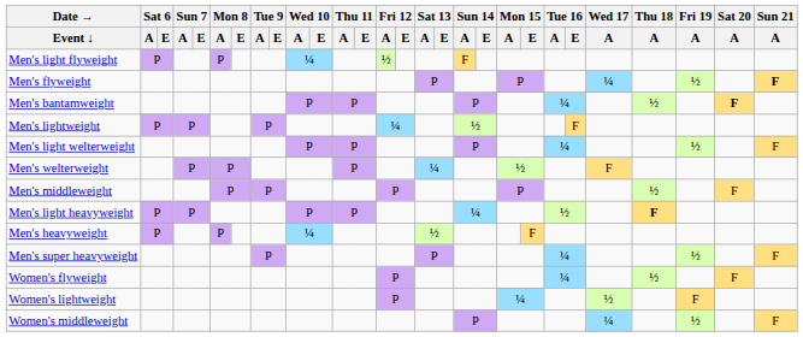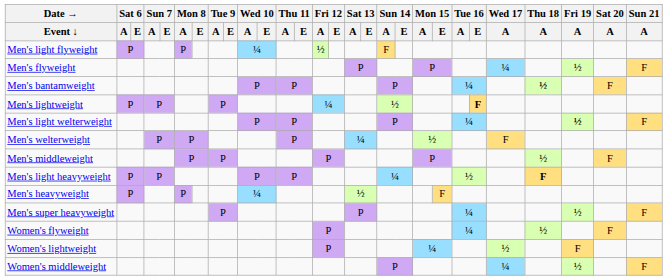 <table class="wikitable" style="margin:0.5em auto; font-size:90%; line-height:1.25em;text-align:center;">
 <tr>
 <th>Date →</th>
 <th colspan="2">Sat 6</th>
 <th colspan="2">Sun 7</th>
 <th colspan="2">Mon 8</th>
 <th colspan="2">Tue 9</th>
 <th colspan="2">Wed 10</th>
 <th colspan="2">Thu 11</th>
 <th colspan="2">Fri 12</th>
 <th colspan="2">Sat 13</th>
 <th colspan="2">Sun 14</th>
 <th colspan="2">Mon 15</th>
 <th colspan="2">Tue 16</th>
 <th>Wed 17</th>
 <th>Thu 18</th>
 <th>Fri 19</th>
 <th>Sat 20</th>
 <th>Sun 21</th>
 </tr>
 <tr>
 <th>Event   ↓</th>
 <th>A</th>
 <th>E</th>
 <th>A</th>
 <th>E</th>
 <th>A</th>
 <th>E</th>
 <th>A</th>
 <th>E</th>
 <th>A</th>
 <th>E</th>
 <th>A</th>
 <th>E</th>
 <th>A</th>
 <th>E</th>
 <th>A</th>
 <th>E</th>
 <th>A</th>
 <th>E</th>
 <th>A</th>
 <th>E</th>
 <th>A</th>
 <th>E</th>
 <th>A</th>
 <th>A</th>
 <th>A</th>
 <th>A</th>
 <th>A</th>
 </tr>
 <tr>
 <td style="text-align:left;"><a href='#'>Men's light flyweight</a></td>
 <td colspan="2" style="background-color:#D0A9F5">P</td>
 <td colspan="2"></td>
 <td style="background-color:#D0A9F5">P</td>
 <td></td>
 <td colspan="2"></td>
 <td colspan="2" style="background-color:#97DEFF;">¼</td>
 <td colspan="2"></td>
 <td style="background-color:#D9FFB2;">½</td>
 <td></td>
 <td colspan="2"></td>
 <td style="background-color:#FFDF80;">F</td>
 <td></td>
 <td colspan="2"></td>
 <td colspan="2"></td>
 <td></td>
 <td></td>
 <td></td>
 <td></td>
 <td></td>
 </tr>
 <tr style="">
 <td style="text-align:left;"><a href='#'>Men's flyweight</a></td>
 <td colspan="2"></td>
 <td colspan="2"></td>
 <td colspan="2"></td>
 <td colspan="2"></td>
 <td colspan="2"></td>
 <td colspan="2"></td>
 <td colspan="2"></td>
 <td colspan="2" style="background-color:#D0A9F5">P</td>
 <td colspan="2"></td>
 <td colspan="2" style="background-color:#D0A9F5">P</td>
 <td colspan="2"></td>
 <td style="background-color:#97DEFF;">¼</td>
 <td></td>
 <td style="background-color:#D9FFB2;">½</td>
 <td></td>
-<td style="background-color:#FFDF80;"><strong>F</strong></td>
+<td style="background-color:#FFDF80;">F</td>
 </tr>
 <tr>
 <td style="text-align:left;"><a href='#'>Men's bantamweight</a></td>
 <td colspan="2"></td>
 <td colspan="2"></td>
 <td colspan="2"></td>
 <td colspan="2"></td>
 <td colspan="2" style="background-color:#D0A9F5">P</td>
 <td colspan="2" style="background-color:#D0A9F5">P</td>
 <td colspan="2"></td>
 <td colspan="2"></td>
 <td colspan="2" style="background-color:#D0A9F5">P</td>
 <td colspan="2"></td>
 <td colspan="2" style="background-color:#97DEFF;">¼</td>
 <td></td>
-<td style="background-color:#D9FFB2;">½</td>
+<td style="background-color:#D9FFB2;"><strong>½</strong></td>
 <td></td>
-<td style="background-color:#FFDF80;"><strong>F</strong></td>
+<td style="background-color:#FFDF80;">F</td>
 <td></td>
 </tr>
 <tr>
 <td style="text-align:left;"><a href='#'>Men's lightweight</a></td>
 <td colspan="2" style="background-color:#D0A9F5">P</td>
 <td colspan="2" style="background-color:#D0A9F5">P</td>
 <td colspan="2"></td>
 <td colspan="2" style="background-color:#D0A9F5">P</td>
 <td colspan="2"></td>
 <td colspan="2"></td>
 <td colspan="2" style="background-color:#97DEFF;">¼</td>
 <td colspan="2"></td>
 <td colspan="2" style="background-color:#D9FFB2;">½</td>
 <td colspan="2"></td>
 <td></td>
-<td style="background-color:#FFDF80;">F</td>
+<td style="background-color:#FFDF80;"><strong>F</strong></td>
 <td></td>
 <td></td>
 <td></td>
 <td></td>
 <td></td>
 </tr>
 <tr>
 <td style="text-align:left;"><a href='#'>Men's light welterweight</a></td>
 <td colspan="2"></td>
 <td colspan="2"></td>
 <td colspan="2"></td>
 <td colspan="2"></td>
 <td colspan="2" style="background-color:#D0A9F5">P</td>
 <td colspan="2" style="background-color:#D0A9F5">P</td>
 <td colspan="2"></td>
 <td colspan="2"></td>
 <td colspan="2" style="background-color:#D0A9F5">P</td>
 <td colspan="2"></td>
 <td colspan="2" style="background-color:#97DEFF;">¼</td>
 <td></td>
 <td></td>
-<td style="background-color:#D9FFB2;">½</td>
+<td style="background-color:#D9FFB2;"><strong>½</strong></td>
 <td></td>
 <td style="background-color:#FFDF80;">F</td>
 </tr>
 <tr>
 <td style="text-align:left;"><a href='#'>Men's welterweight</a></td>
 <td colspan="2"></td>
 <td colspan="2" style="background-color:#D0A9F5">P</td>
 <td colspan="2" style="background-color:#D0A9F5">P</td>
 <td colspan="2"></td>
 <td colspan="2"></td>
 <td colspan="2" style="background-color:#D0A9F5">P</td>
 <td colspan="2"></td>
 <td colspan="2" style="background-color:#97DEFF;">¼</td>
 <td colspan="2"></td>
 <td colspan="2" style="background-color:#D9FFB2;">½</td>
 <td colspan="2"></td>
 <td style="background-color:#FFDF80;">F</td>
 <td></td>
 <td></td>
 <td></td>
 <td></td>
 </tr>
 <tr>
 <td style="text-align:left;"><a href='#'>Men's middleweight</a></td>
 <td colspan="2"></td>
 <td colspan="2"></td>
 <td colspan="2" style="background-color:#D0A9F5">P</td>
 <td colspan="2" style="background-color:#D0A9F5">P</td>
 <td colspan="2"></td>
 <td colspan="2"></td>
 <td colspan="2" style="background-color:#D0A9F5">P</td>
 <td colspan="2"></td>
 <td colspan="2"></td>
 <td colspan="2" style="background-color:#D0A9F5">P</td>
 <td colspan="2"></td>
 <td></td>
 <td style="background-color:#D9FFB2;">½</td>
 <td></td>
 <td style="background-color:#FFDF80;">F</td>
 <td></td>
 </tr>
 <tr>
 <td style="text-align:left;"><a href='#'>Men's light heavyweight</a></td>
 <td colspan="2" style="background-color:#D0A9F5">P</td>
 <td colspan="2" style="background-color:#D0A9F5">P</td>
 <td colspan="2"></td>
 <td colspan="2"></td>
 <td colspan="2" style="background-color:#D0A9F5">P</td>
 <td colspan="2" style="background-color:#D0A9F5">P</td>
 <td colspan="2"></td>
 <td colspan="2"></td>
 <td colspan="2" style="background-color:#97DEFF;">¼</td>
 <td colspan="2"></td>
 <td colspan="2" style="background-color:#D9FFB2;">½</td>
 <td></td>
 <td style="background-color:#FFDF80;"><strong>F</strong></td>
 <td></td>
 <td></td>
 <td></td>
 </tr>
 <tr>
 <td style="text-align:left;"><a href='#'>Men's heavyweight</a></td>
 <td colspan="2" style="background-color:#D0A9F5">P</td>
 <td colspan="2"></td>
 <td style="background-color:#D0A9F5">P</td>
 <td></td>
 <td colspan="2"></td>
 <td colspan="2" style="background-color:#97DEFF;">¼</td>
 <td colspan="2"></td>
 <td colspan="2"></td>
 <td colspan="2" style="background-color:#D9FFB2;">½</td>
 <td colspan="2"></td>
 <td></td>
 <td style="background-color:#FFDF80;">F</td>
 <td colspan="2"></td>
 <td></td>
 <td></td>
 <td></td>
 <td></td>
 <td></td>
 </tr>
 <tr>
 <td style="text-align:left;"><a href='#'>Men's super heavyweight</a></td>
 <td colspan="2"></td>
 <td colspan="2"></td>
 <td colspan="2"></td>
 <td colspan="2" style="background-color:#D0A9F5">P</td>
 <td colspan="2"></td>
 <td colspan="2"></td>
 <td colspan="2"></td>
 <td colspan="2" style="background-color:#D0A9F5">P</td>
 <td colspan="2"></td>
 <td colspan="2"></td>
 <td colspan="2" style="background-color:#97DEFF;">¼</td>
 <td></td>
 <td></td>
 <td style="background-color:#D9FFB2;">½</td>
 <td></td>
 <td style="background-color:#FFDF80;">F</td>
 </tr>
 <tr>
 <td style="text-align:left;"><a href='#'>Women's flyweight</a></td>
 <td colspan="2"></td>
 <td colspan="2"></td>
 <td colspan="2"></td>
 <td colspan="2"></td>
 <td colspan="2"></td>
 <td colspan="2"></td>
 <td colspan="2" style="background-color:#D0A9F5">P</td>
 <td colspan="2"></td>
 <td colspan="2"></td>
 <td colspan="2"></td>
 <td colspan="2" style="background-color:#97DEFF;">¼</td>
 <td></td>
 <td style="background-color:#D9FFB2;">½</td>
 <td></td>
 <td style="background-color:#FFDF80;">F</td>
 <td></td>
 </tr>
 <tr>
 <td style="text-align:left;"><a href='#'>Women's lightweight</a></td>
 <td colspan="2"></td>
 <td colspan="2"></td>
 <td colspan="2"></td>
 <td colspan="2"></td>
 <td colspan="2"></td>
 <td colspan="2"></td>
 <td colspan="2" style="background-color:#D0A9F5">P</td>
 <td colspan="2"></td>
 <td colspan="2"></td>
 <td colspan="2" style="background-color:#97DEFF;">¼</td>
 <td colspan="2"></td>
 <td style="background-color:#D9FFB2;">½</td>
 <td></td>
 <td style="background-color:#FFDF80;">F</td>
 <td></td>
 <td></td>
 </tr>
 <tr>
 <td style="text-align:left;"><a href='#'>Women's middleweight</a></td>
 <td colspan="2"></td>
 <td colspan="2"></td>
 <td colspan="2"></td>
 <td colspan="2"></td>
 <td colspan="2"></td>
 <td colspan="2"></td>
 <td colspan="2"></td>
 <td colspan="2"></td>
 <td colspan="2" style="background-color:#D0A9F5">P</td>
 <td colspan="2"></td>
 <td colspan="2"></td>
 <td style="background-color:#97DEFF;">¼</td>
 <td></td>
 <td style="background-color:#D9FFB2;">½</td>
 <td></td>
 <td style="background-color:#FFDF80;">F</td>
 </tr>
 </table>
